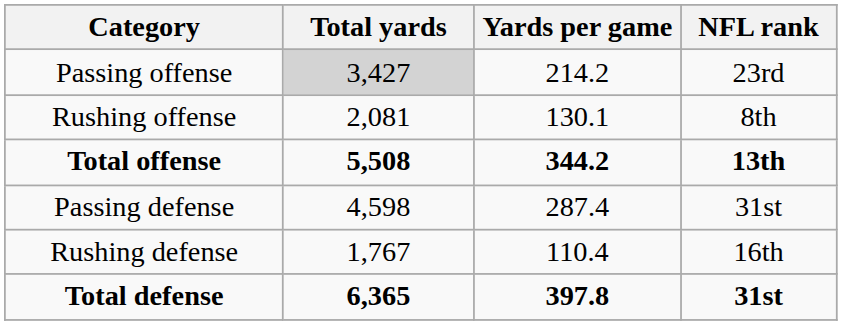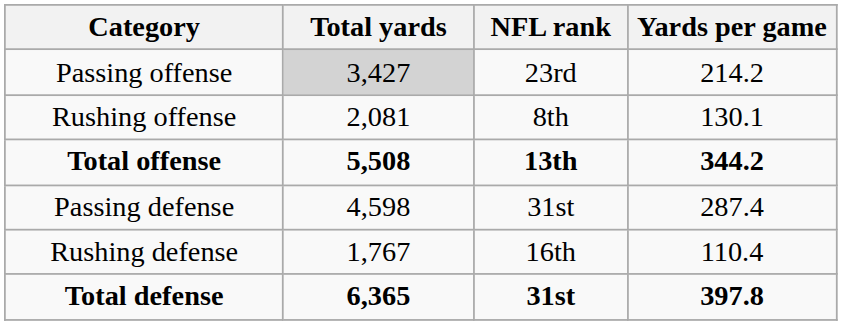 <table class="wikitable" style="text-align:center">
 <tr>
 <th width=150px>Category</th>
 <th width=100px>Total yards</th>
+<th width=80px>NFL rank<br></th>
 <th width=110px>Yards per game</th>
-<th width=80px>NFL rank<br></th>
 </tr>
 <tr>
 <td>Passing offense</td>
 <td style="background: lightgrey;">3,427</td>
+<td>23rd</td>
 <td>214.2</td>
-<td>23rd</td>
 </tr>
 <tr>
 <td>Rushing offense</td>
 <td>2,081</td>
+<td>8th</td>
 <td>130.1</td>
-<td>8th</td>
 </tr>
 <tr>
 <td><strong>Total offense</strong></td>
 <td><strong>5,508</strong></td>
+<td><strong>13th</strong></td>
 <td><strong>344.2</strong></td>
-<td><strong>13th</strong></td>
 </tr>
 <tr>
 <td>Passing defense</td>
 <td>4,598</td>
+<td>31st</td>
 <td>287.4</td>
-<td>31st</td>
 </tr>
 <tr>
 <td>Rushing defense</td>
 <td>1,767</td>
+<td>16th</td>
 <td>110.4</td>
-<td>16th</td>
 </tr>
 <tr>
 <td><strong>Total defense</strong></td>
 <td><strong>6,365</strong></td>
+<td><strong>31st</strong></td>
 <td><strong>397.8</strong></td>
-<td><strong>31st</strong></td>
 </tr>
 </table>
